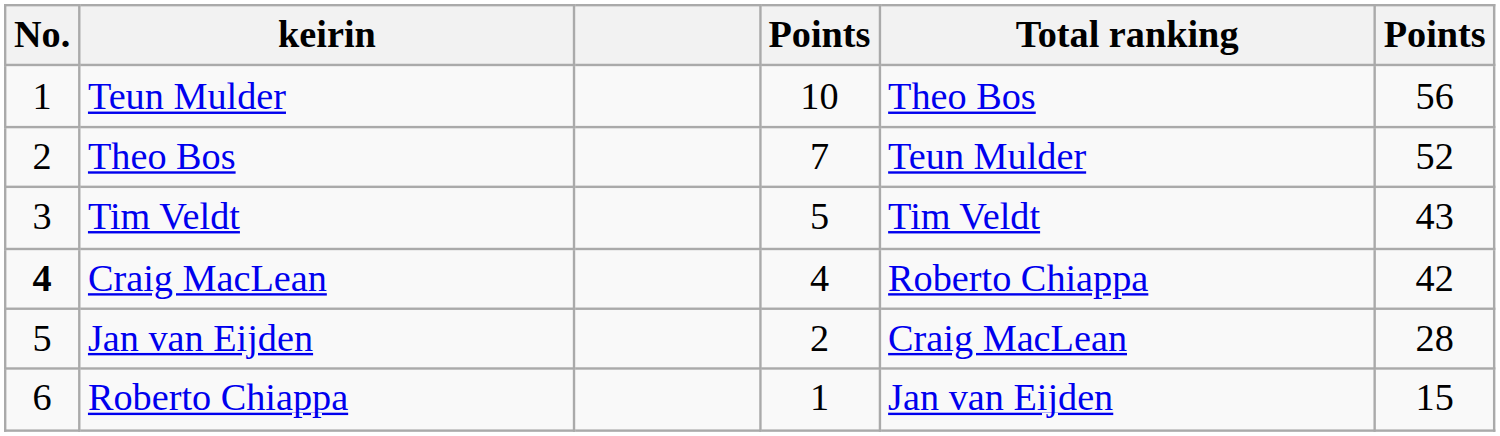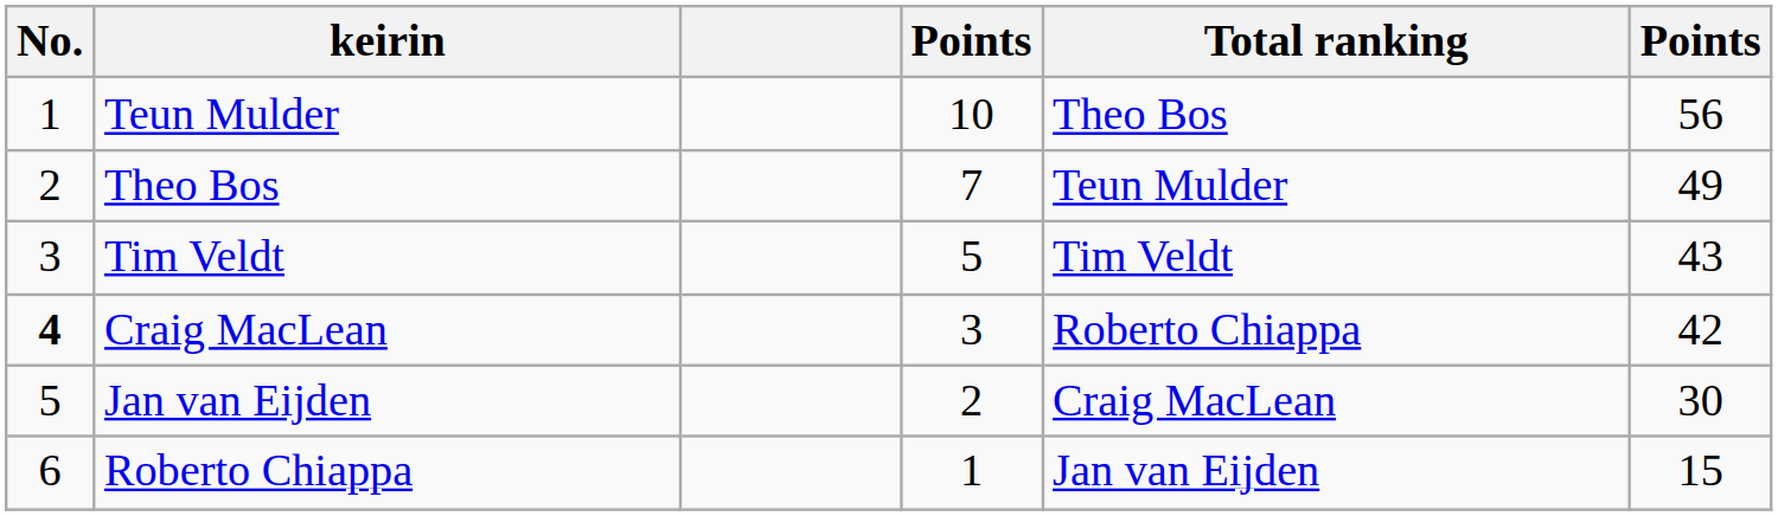 <table class="wikitable">
 <tr>
 <th width="20px">No.</th>
 <th width="200px">keirin</th>
 <th width="70px"></th>
 <th width="40px">Points</th>
 <th width="200px">Total ranking</th>
 <th width="40px">Points</th>
 </tr>
 <tr align=center>
 <td>1</td>
 <td align=left> <a href='#'>Teun Mulder</a></td>
 <td></td>
 <td>10</td>
 <td align=left> <a href='#'>Theo Bos</a></td>
 <td>56</td>
 </tr>
 <tr align=center>
 <td>2</td>
 <td align=left> <a href='#'>Theo Bos</a></td>
 <td></td>
 <td>7</td>
 <td align=left> <a href='#'>Teun Mulder</a></td>
-<td>52</td>
+<td>49</td>
 </tr>
 <tr align=center>
 <td>3</td>
 <td align=left> <a href='#'>Tim Veldt</a></td>
 <td></td>
 <td>5</td>
 <td align=left> <a href='#'>Tim Veldt</a></td>
 <td>43</td>
 </tr>
 <tr align=center>
 <td><strong>4</strong></td>
 <td align=left> <a href='#'>Craig MacLean</a></td>
 <td></td>
-<td>4</td>
+<td>3</td>
 <td align=left> <a href='#'>Roberto Chiappa</a></td>
 <td>42</td>
 </tr>
 <tr align=center>
 <td>5</td>
 <td align=left> <a href='#'>Jan van Eijden</a></td>
 <td></td>
 <td>2</td>
 <td align=left> <a href='#'>Craig MacLean</a></td>
-<td>28</td>
+<td>30</td>
 </tr>
 <tr align=center>
 <td>6</td>
 <td align=left> <a href='#'>Roberto Chiappa</a></td>
 <td></td>
 <td>1</td>
 <td align=left> <a href='#'>Jan van Eijden</a></td>
 <td>15</td>
 </tr>
 </table>
